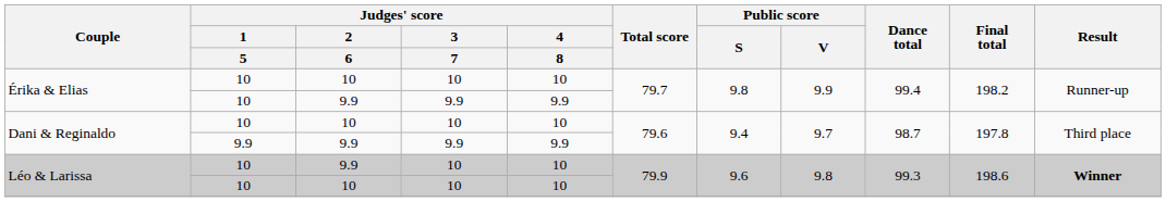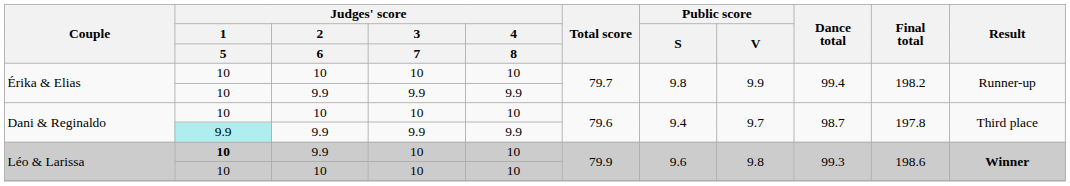 <table class="wikitable" style="font-size:100%; line-height:16px; text-align:center" width="100%">
 <tr>
 <th rowspan=3 width="11.0%">Couple</th>
 <th colspan=4 width="25.0%">Judges' score</th>
 <th rowspan=3 width="05.0%">Total score</th>
 <th colspan=2 width="20.0%">Public score</th>
 <th rowspan=3 width="05.0%">Dance<br>total</th>
 <th rowspan=3 width="05.0%">Final<br>total</th>
 <th rowspan=3 width="07.5%">Result</th>
 </tr>
 <tr>
 <th>1</th>
 <th>2</th>
 <th>3</th>
 <th>4</th>
 <th rowspan=2 width="05.0%">S</th>
 <th rowspan=2 width="05.0%">V</th>
 </tr>
 <tr>
 <th>5</th>
 <th>6</th>
 <th>7</th>
 <th>8</th>
 </tr>
 <tr>
 <td align="left" rowspan=2>Érika & Elias</td>
 <td>10</td>
 <td>10</td>
 <td>10</td>
 <td>10</td>
 <td rowspan=2>79.7</td>
 <td rowspan=2>9.8</td>
 <td rowspan=2>9.9</td>
 <td rowspan=2>99.4</td>
 <td rowspan=2>198.2</td>
 <td rowspan=2>Runner-up</td>
 </tr>
 <tr>
 <td>10</td>
 <td>9.9</td>
 <td>9.9</td>
 <td>9.9</td>
 </tr>
 <tr>
 <td align="left" rowspan=2>Dani & Reginaldo</td>
 <td>10</td>
 <td>10</td>
 <td>10</td>
 <td>10</td>
 <td rowspan=2>79.6</td>
 <td rowspan=2>9.4</td>
 <td rowspan=2>9.7</td>
 <td rowspan=2>98.7</td>
 <td rowspan=2>197.8</td>
 <td rowspan=2>Third place</td>
 </tr>
 <tr>
-<td>9.9</td>
+<td style="background: paleturquoise;">9.9</td>
 <td>9.9</td>
 <td>9.9</td>
 <td>9.9</td>
 </tr>
 <tr bgcolor=CCCCCC>
 <td align="left" rowspan=2>Léo & Larissa</td>
-<td>10</td>
+<td><strong>10</strong></td>
 <td>9.9</td>
 <td>10</td>
 <td>10</td>
 <td rowspan=2>79.9</td>
 <td rowspan=2>9.6</td>
 <td rowspan=2>9.8</td>
 <td rowspan=2>99.3</td>
 <td rowspan=2>198.6</td>
 <td rowspan=2><strong>Winner</strong></td>
 </tr>
 <tr bgcolor=CCCCCC>
 <td>10</td>
 <td>10</td>
 <td>10</td>
 <td>10</td>
 </tr>
 <tr>
 </tr>
 </table>
